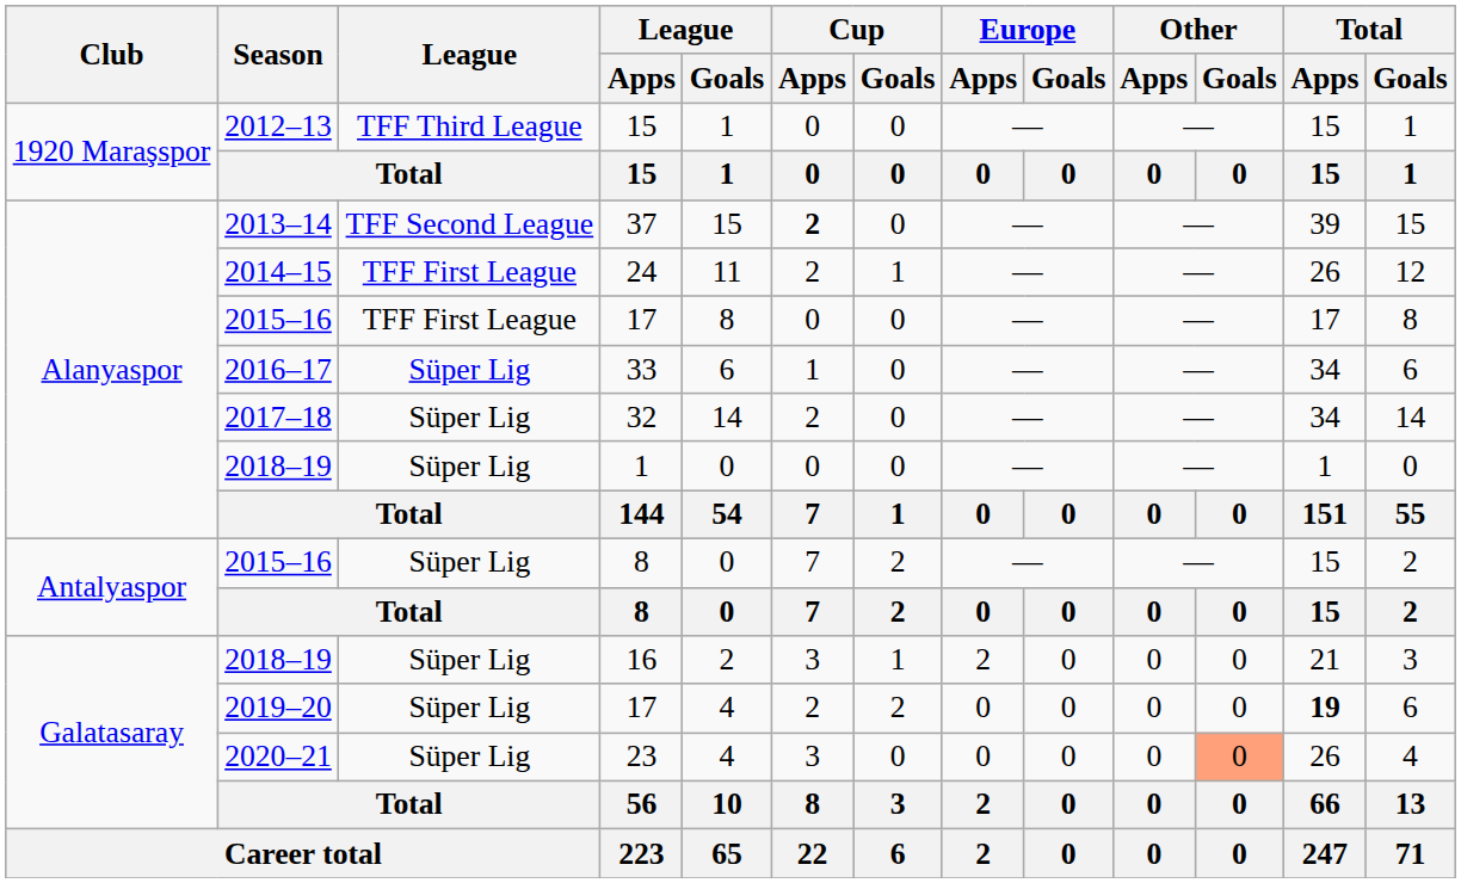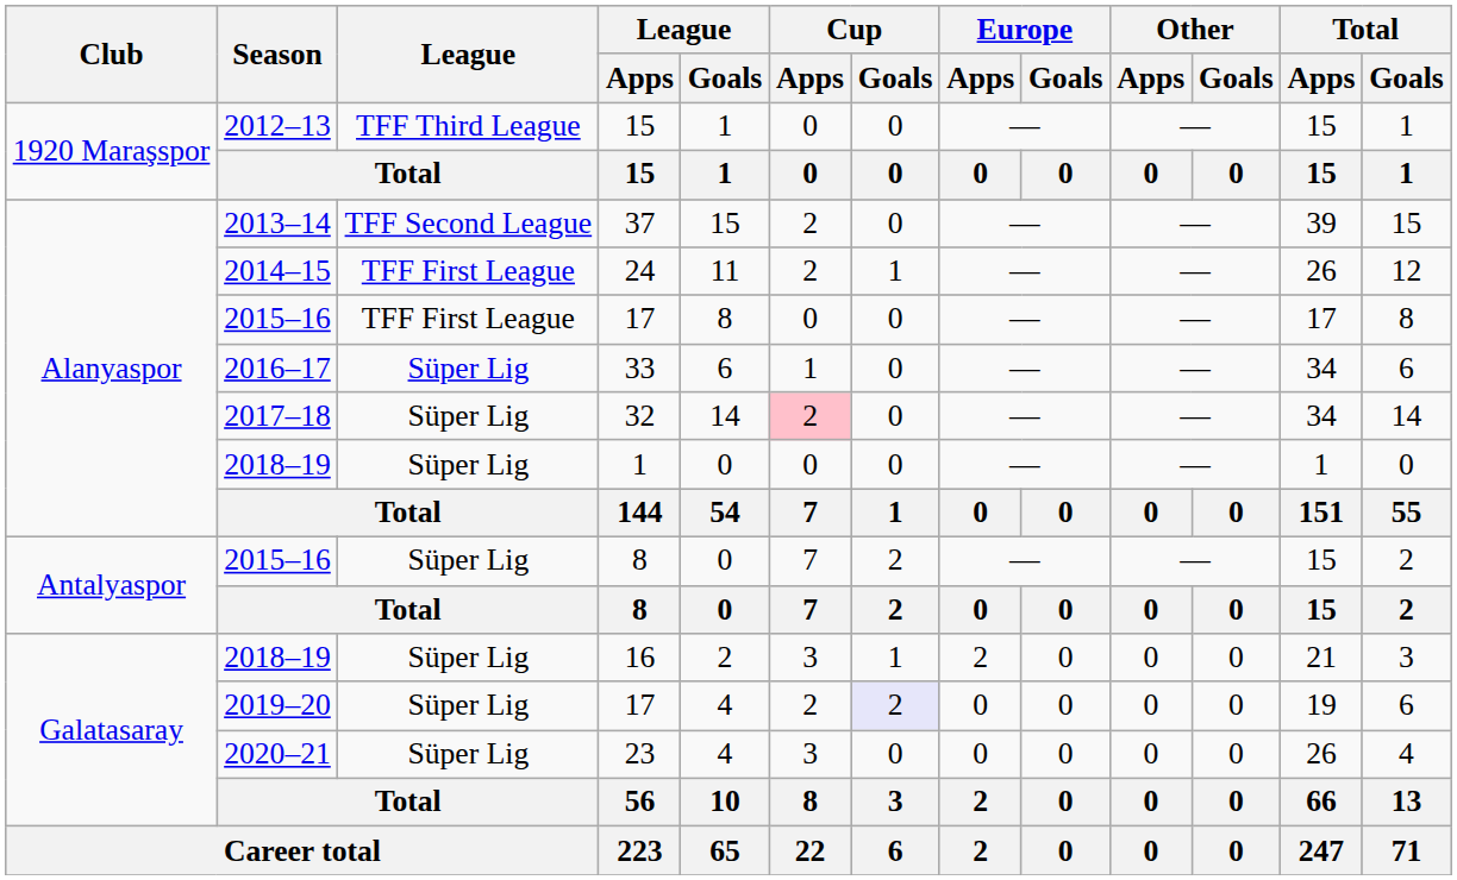 <table class="wikitable" style="text-align: center;">
 <tr>
 <th rowspan="2">Club</th>
 <th rowspan="2">Season</th>
 <th rowspan="2">League</th>
 <th colspan="2">League</th>
 <th colspan="2">Cup</th>
 <th colspan="2"><a href='#'>Europe</a></th>
 <th colspan="2">Other</th>
 <th colspan="2">Total</th>
 </tr>
 <tr>
 <th>Apps</th>
 <th>Goals</th>
 <th>Apps</th>
 <th>Goals</th>
 <th>Apps</th>
 <th>Goals</th>
 <th>Apps</th>
 <th>Goals</th>
 <th>Apps</th>
 <th>Goals</th>
 </tr>
 <tr>
 <td rowspan="2"><a href='#'>1920 Maraşspor</a></td>
 <td><a href='#'>2012–13</a></td>
 <td><a href='#'>TFF Third League</a></td>
 <td>15</td>
 <td>1</td>
 <td>0</td>
 <td>0</td>
 <td colspan="2">—</td>
 <td colspan="2">—</td>
 <td>15</td>
 <td>1</td>
 </tr>
 <tr>
 <th colspan="2">Total</th>
 <th>15</th>
 <th>1</th>
 <th>0</th>
 <th>0</th>
 <th>0</th>
 <th>0</th>
 <th>0</th>
 <th>0</th>
 <th>15</th>
 <th>1</th>
 </tr>
 <tr>
 <td rowspan="7"><a href='#'>Alanyaspor</a></td>
 <td><a href='#'>2013–14</a></td>
 <td><a href='#'>TFF Second League</a></td>
 <td>37</td>
 <td>15</td>
-<td><strong>2</strong></td>
+<td>2</td>
 <td>0</td>
 <td colspan="2">—</td>
 <td colspan="2">—</td>
 <td>39</td>
 <td>15</td>
 </tr>
 <tr>
 <td><a href='#'>2014–15</a></td>
 <td><a href='#'>TFF First League</a></td>
 <td>24</td>
 <td>11</td>
 <td>2</td>
 <td>1</td>
 <td colspan="2">—</td>
 <td colspan="2">—</td>
 <td>26</td>
 <td>12</td>
 </tr>
 <tr>
 <td><a href='#'>2015–16</a></td>
 <td>TFF First League</td>
 <td>17</td>
 <td>8</td>
 <td>0</td>
 <td>0</td>
 <td colspan="2">—</td>
 <td colspan="2">—</td>
 <td>17</td>
 <td>8</td>
 </tr>
 <tr>
 <td><a href='#'>2016–17</a></td>
 <td><a href='#'>Süper Lig</a></td>
 <td>33</td>
 <td>6</td>
 <td>1</td>
 <td>0</td>
 <td colspan="2">—</td>
 <td colspan="2">—</td>
 <td>34</td>
 <td>6</td>
 </tr>
 <tr>
 <td><a href='#'>2017–18</a></td>
 <td>Süper Lig</td>
 <td>32</td>
 <td>14</td>
-<td>2</td>
+<td style="background: pink;">2</td>
 <td>0</td>
 <td colspan="2">—</td>
 <td colspan="2">—</td>
 <td>34</td>
 <td>14</td>
 </tr>
 <tr>
 <td><a href='#'>2018–19</a></td>
 <td>Süper Lig</td>
 <td>1</td>
 <td>0</td>
 <td>0</td>
 <td>0</td>
 <td colspan="2">—</td>
 <td colspan="2">—</td>
 <td>1</td>
 <td>0</td>
 </tr>
 <tr>
 <th colspan="2">Total</th>
 <th>144</th>
 <th>54</th>
 <th>7</th>
 <th>1</th>
 <th>0</th>
 <th>0</th>
 <th>0</th>
 <th>0</th>
 <th>151</th>
 <th>55</th>
 </tr>
 <tr>
 <td rowspan="2"><a href='#'>Antalyaspor</a></td>
 <td><a href='#'>2015–16</a></td>
 <td>Süper Lig</td>
 <td>8</td>
 <td>0</td>
 <td>7</td>
 <td>2</td>
 <td colspan="2">—</td>
 <td colspan="2">—</td>
 <td>15</td>
 <td>2</td>
 </tr>
 <tr>
 <th colspan="2">Total</th>
 <th>8</th>
 <th>0</th>
 <th>7</th>
 <th>2</th>
 <th>0</th>
 <th>0</th>
 <th>0</th>
 <th>0</th>
 <th>15</th>
 <th>2</th>
 </tr>
 <tr>
 <td rowspan="4"><a href='#'>Galatasaray</a></td>
 <td><a href='#'>2018–19</a></td>
 <td>Süper Lig</td>
 <td>16</td>
 <td>2</td>
 <td>3</td>
 <td>1</td>
 <td>2</td>
 <td>0</td>
 <td>0</td>
 <td>0</td>
 <td>21</td>
 <td>3</td>
 </tr>
 <tr>
 <td><a href='#'>2019–20</a></td>
 <td>Süper Lig</td>
 <td>17</td>
 <td>4</td>
 <td>2</td>
-<td>2</td>
+<td style="background: lavender;">2</td>
 <td>0</td>
 <td>0</td>
 <td>0</td>
 <td>0</td>
-<td><strong>19</strong></td>
+<td>19</td>
 <td>6</td>
 </tr>
 <tr>
 <td><a href='#'>2020–21</a></td>
 <td>Süper Lig</td>
 <td>23</td>
 <td>4</td>
 <td>3</td>
 <td>0</td>
 <td>0</td>
 <td>0</td>
 <td>0</td>
-<td style="background: lightsalmon;">0</td>
+<td>0</td>
 <td>26</td>
 <td>4</td>
 </tr>
 <tr>
 <th colspan="2">Total</th>
 <th>56</th>
 <th>10</th>
 <th>8</th>
 <th>3</th>
 <th>2</th>
 <th>0</th>
 <th>0</th>
 <th>0</th>
 <th>66</th>
 <th>13</th>
 </tr>
 <tr>
 <th colspan="3">Career total</th>
 <th>223</th>
 <th>65</th>
 <th>22</th>
 <th>6</th>
 <th>2</th>
 <th>0</th>
 <th>0</th>
 <th>0</th>
 <th>247</th>
 <th>71</th>
 </tr>
 </table>
